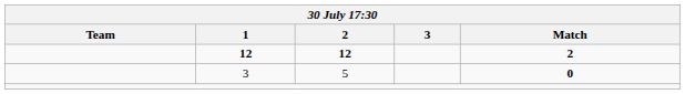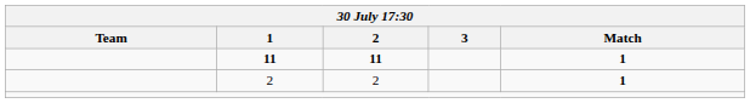 <table class=wikitable style="text-align:center; width: 55%">
 <tr>
 <th colspan=10><em>30 July 17:30</em></th>
 </tr>
 <tr>
 <th>Team</th>
 <th>1</th>
 <th>2</th>
 <th>3</th>
 <th>Match</th>
 </tr>
 <tr>
 <td align=left><strong><br></strong></td>
-<td><strong>12</strong></td>
-<td><strong>12</strong></td>
+<td><strong>11</strong></td>
+<td><strong>11</strong></td>
 <td></td>
-<td><strong>2</strong></td>
+<td><strong>1</strong></td>
 </tr>
 <tr>
 <td align=left><br></td>
-<td>3</td>
-<td>5</td>
+<td>2</td>
+<td>2</td>
 <td></td>
-<td><strong>0</strong></td>
+<td><strong>1</strong></td>
 </tr>
 <tr>
 <td colspan=10></td>
 </tr>
 </table>
